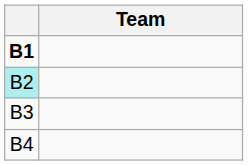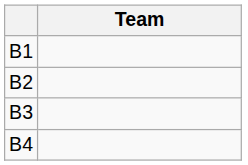 <table class="wikitable" style="display:inline-table;">
 <tr>
 <th></th>
 <th width=160>Team</th>
 </tr>
 <tr>
-<td align=center><strong>B1</strong></td>
+<td align=center>B1</td>
 <td></td>
 </tr>
 <tr>
-<td align=center style="background: paleturquoise;">B2</td>
+<td align=center>B2</td>
 <td></td>
 </tr>
 <tr>
 <td align=center>B3</td>
 <td></td>
 </tr>
 <tr>
 <td align=center>B4</td>
 <td></td>
 </tr>
 </table>
